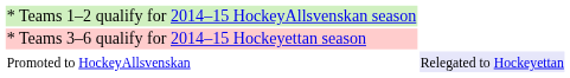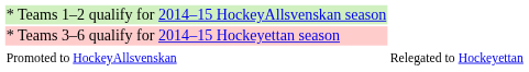 <table>
 <tr style="background: #D0F0C0;">
 <td>* Teams 1–2 qualify for <a href='#'>2014–15 HockeyAllsvenskan season</a></td>
 </tr>
 <tr style="background: #FFCCCC;">
 <td>* Teams 3–6 qualify for <a href='#'>2014–15 Hockeyettan season</a></td>
 </tr>
 <tr>
 <td><small>  Promoted to <a href='#'>HockeyAllsvenskan</a></small></td>
-<td style="background: lavender;"><small>  Relegated to <a href='#'>Hockeyettan</a></small></td>
+<td><small>  Relegated to <a href='#'>Hockeyettan</a></small></td>
 </tr>
 </table>
